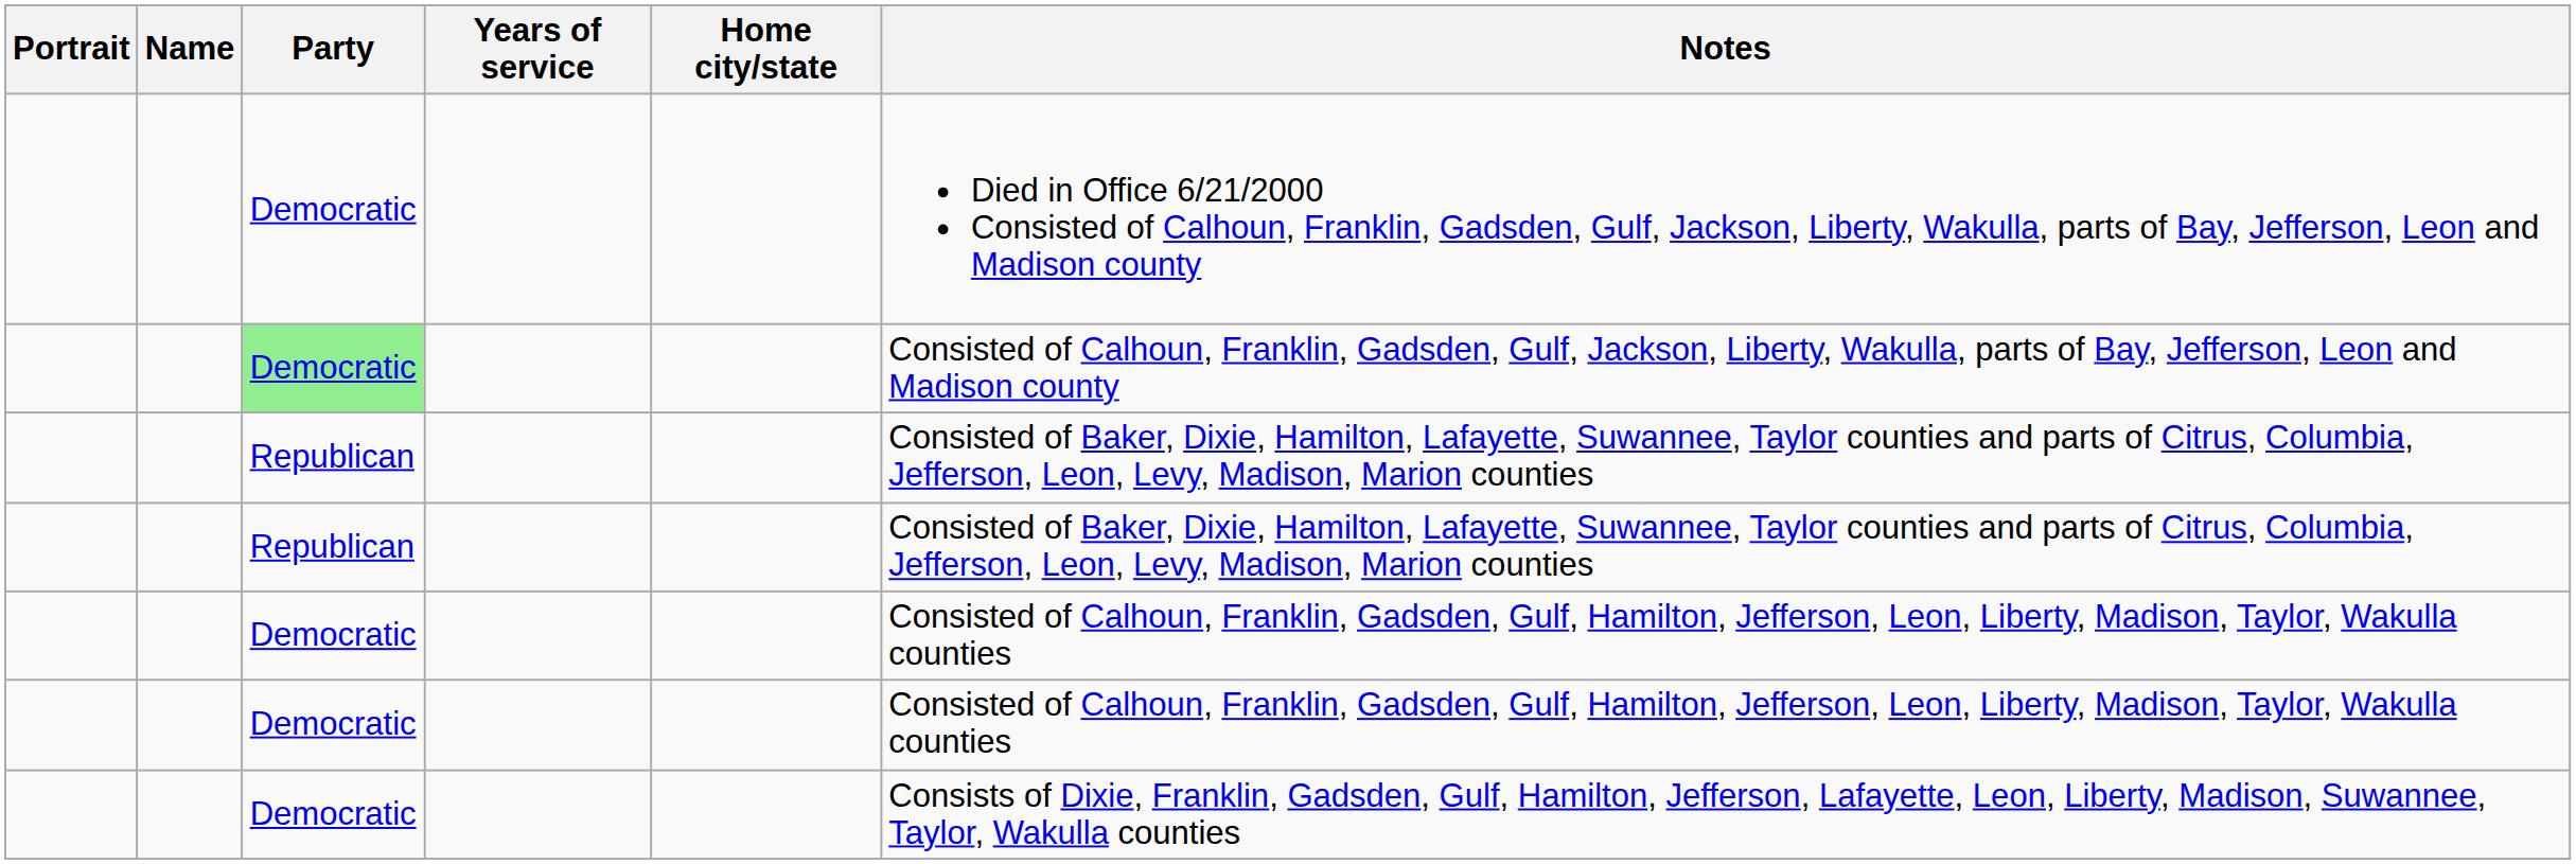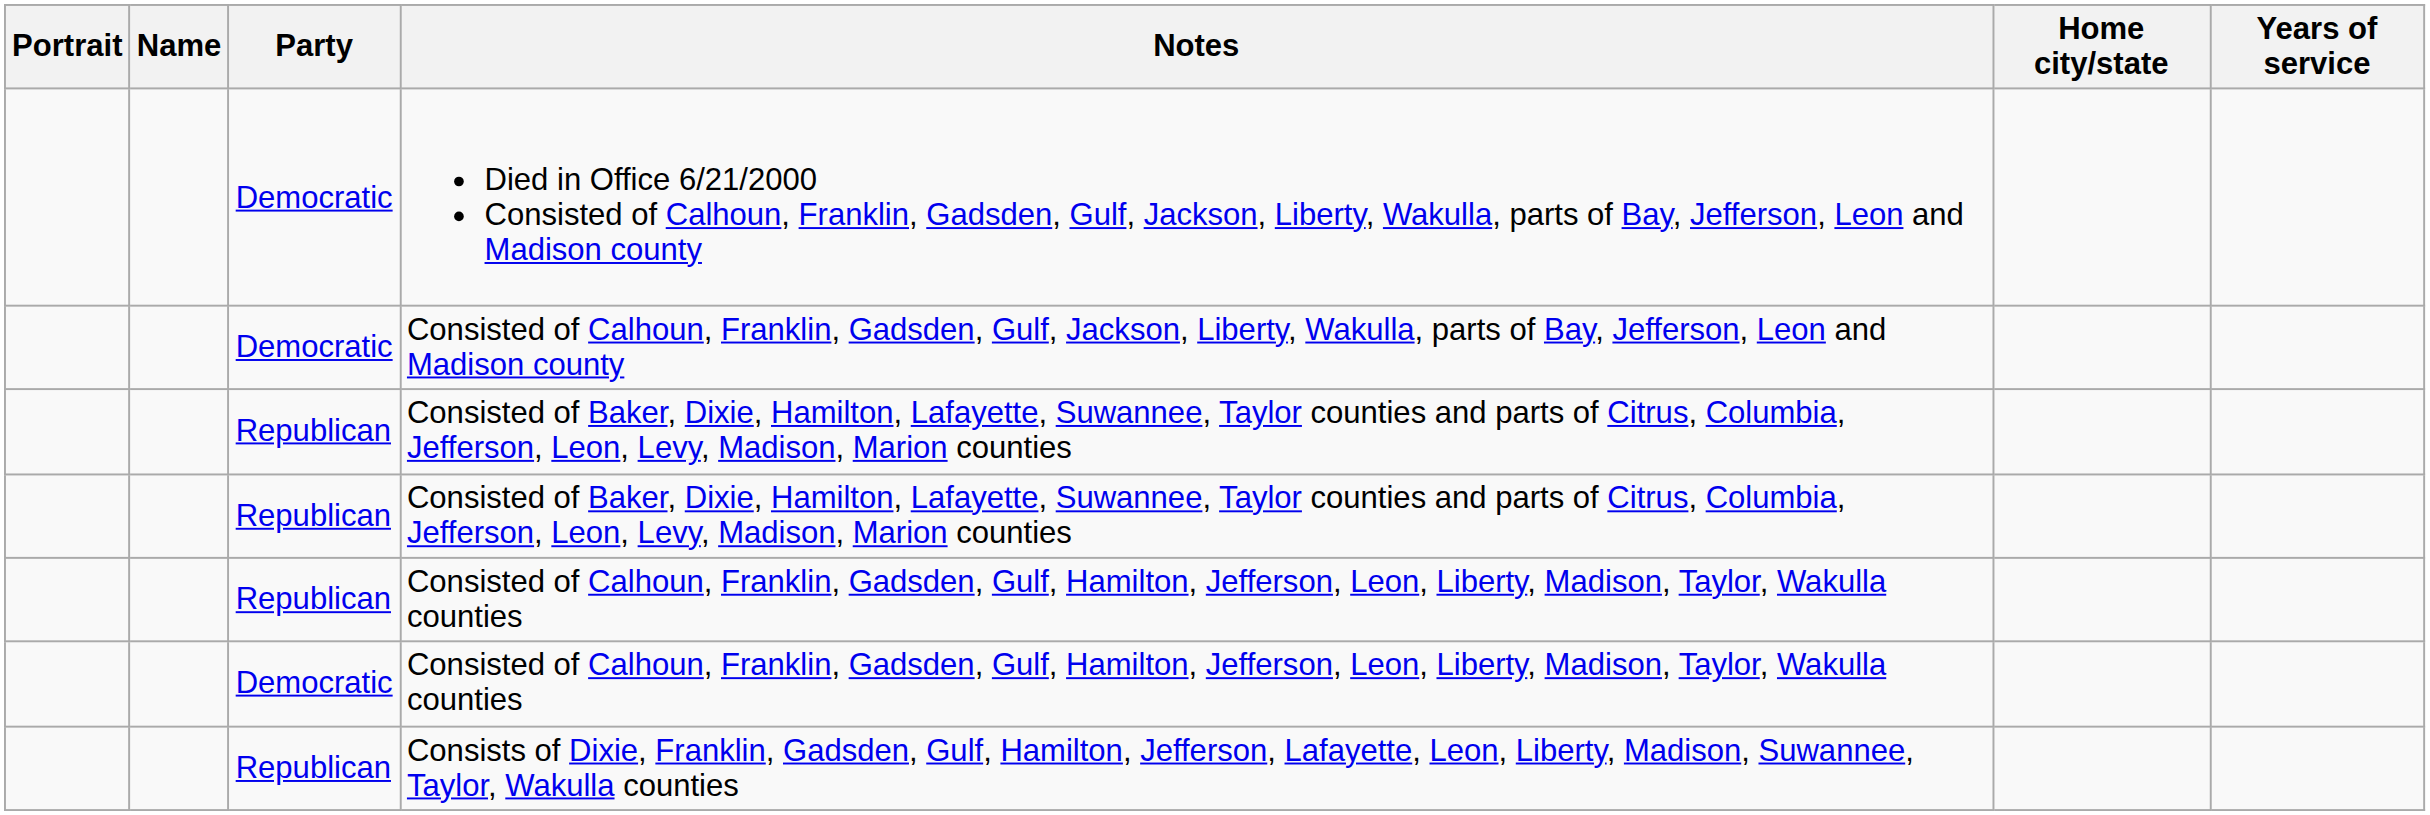 <table class="wikitable sortable">
 <tr>
 <th>Portrait</th>
 <th>Name</th>
 <th>Party</th>
+<th>Notes</th>
+<th>Home city/state</th>
 <th>Years of service</th>
-<th>Home city/state</th>
-<th>Notes</th>
 </tr>
 <tr>
 <td></td>
 <td></td>
 <td><a href='#'>Democratic</a></td>
+<td><br><ul><li>Died in Office 6/21/2000</li><li>Consisted of <a href='#'>Calhoun</a>, <a href='#'>Franklin</a>, <a href='#'>Gadsden</a>, <a href='#'>Gulf</a>, <a href='#'>Jackson</a>, <a href='#'>Liberty</a>, <a href='#'>Wakulla</a>, parts of <a href='#'>Bay</a>, <a href='#'>Jefferson</a>, <a href='#'>Leon</a> and <a href='#'>Madison county</a></li></ul></td>
 <td></td>
 <td></td>
-<td><br><ul><li>Died in Office 6/21/2000</li><li>Consisted of <a href='#'>Calhoun</a>, <a href='#'>Franklin</a>, <a href='#'>Gadsden</a>, <a href='#'>Gulf</a>, <a href='#'>Jackson</a>, <a href='#'>Liberty</a>, <a href='#'>Wakulla</a>, parts of <a href='#'>Bay</a>, <a href='#'>Jefferson</a>, <a href='#'>Leon</a> and <a href='#'>Madison county</a></li></ul></td>
 </tr>
 <tr>
 <td></td>
 <td></td>
-<td style="background: lightgreen;"><a href='#'>Democratic</a></td>
+<td><a href='#'>Democratic</a></td>
+<td>Consisted of <a href='#'>Calhoun</a>, <a href='#'>Franklin</a>, <a href='#'>Gadsden</a>, <a href='#'>Gulf</a>, <a href='#'>Jackson</a>, <a href='#'>Liberty</a>, <a href='#'>Wakulla</a>, parts of <a href='#'>Bay</a>, <a href='#'>Jefferson</a>, <a href='#'>Leon</a> and <a href='#'>Madison county</a></td>
 <td></td>
 <td></td>
-<td>Consisted of <a href='#'>Calhoun</a>, <a href='#'>Franklin</a>, <a href='#'>Gadsden</a>, <a href='#'>Gulf</a>, <a href='#'>Jackson</a>, <a href='#'>Liberty</a>, <a href='#'>Wakulla</a>, parts of <a href='#'>Bay</a>, <a href='#'>Jefferson</a>, <a href='#'>Leon</a> and <a href='#'>Madison county</a></td>
 </tr>
 <tr>
 <td></td>
 <td></td>
 <td><a href='#'>Republican</a></td>
+<td>Consisted of <a href='#'>Baker</a>, <a href='#'>Dixie</a>, <a href='#'>Hamilton</a>, <a href='#'>Lafayette</a>, <a href='#'>Suwannee</a>, <a href='#'>Taylor</a> counties and parts of <a href='#'>Citrus</a>, <a href='#'>Columbia</a>, <a href='#'>Jefferson</a>, <a href='#'>Leon</a>, <a href='#'>Levy</a>, <a href='#'>Madison</a>, <a href='#'>Marion</a> counties</td>
 <td></td>
 <td></td>
-<td>Consisted of <a href='#'>Baker</a>, <a href='#'>Dixie</a>, <a href='#'>Hamilton</a>, <a href='#'>Lafayette</a>, <a href='#'>Suwannee</a>, <a href='#'>Taylor</a> counties and parts of <a href='#'>Citrus</a>, <a href='#'>Columbia</a>, <a href='#'>Jefferson</a>, <a href='#'>Leon</a>, <a href='#'>Levy</a>, <a href='#'>Madison</a>, <a href='#'>Marion</a> counties</td>
 </tr>
 <tr>
 <td></td>
 <td></td>
 <td><a href='#'>Republican</a></td>
+<td>Consisted of <a href='#'>Baker</a>, <a href='#'>Dixie</a>, <a href='#'>Hamilton</a>, <a href='#'>Lafayette</a>, <a href='#'>Suwannee</a>, <a href='#'>Taylor</a> counties and parts of <a href='#'>Citrus</a>, <a href='#'>Columbia</a>, <a href='#'>Jefferson</a>, <a href='#'>Leon</a>, <a href='#'>Levy</a>, <a href='#'>Madison</a>, <a href='#'>Marion</a> counties</td>
 <td></td>
 <td></td>
-<td>Consisted of <a href='#'>Baker</a>, <a href='#'>Dixie</a>, <a href='#'>Hamilton</a>, <a href='#'>Lafayette</a>, <a href='#'>Suwannee</a>, <a href='#'>Taylor</a> counties and parts of <a href='#'>Citrus</a>, <a href='#'>Columbia</a>, <a href='#'>Jefferson</a>, <a href='#'>Leon</a>, <a href='#'>Levy</a>, <a href='#'>Madison</a>, <a href='#'>Marion</a> counties</td>
+</tr>
+<tr>
+<td></td>
+<td></td>
+<td><a href='#'>Republican</a></td>
+<td>Consisted of <a href='#'>Calhoun</a>, <a href='#'>Franklin</a>, <a href='#'>Gadsden</a>, <a href='#'>Gulf</a>, <a href='#'>Hamilton</a>, <a href='#'>Jefferson</a>, <a href='#'>Leon</a>, <a href='#'>Liberty</a>, <a href='#'>Madison</a>, <a href='#'>Taylor</a>, <a href='#'>Wakulla</a> counties</td>
+<td></td>
+<td></td>
 </tr>
 <tr>
 <td></td>
 <td></td>
 <td><a href='#'>Democratic</a></td>
+<td>Consisted of <a href='#'>Calhoun</a>, <a href='#'>Franklin</a>, <a href='#'>Gadsden</a>, <a href='#'>Gulf</a>, <a href='#'>Hamilton</a>, <a href='#'>Jefferson</a>, <a href='#'>Leon</a>, <a href='#'>Liberty</a>, <a href='#'>Madison</a>, <a href='#'>Taylor</a>, <a href='#'>Wakulla</a> counties</td>
 <td></td>
 <td></td>
-<td>Consisted of <a href='#'>Calhoun</a>, <a href='#'>Franklin</a>, <a href='#'>Gadsden</a>, <a href='#'>Gulf</a>, <a href='#'>Hamilton</a>, <a href='#'>Jefferson</a>, <a href='#'>Leon</a>, <a href='#'>Liberty</a>, <a href='#'>Madison</a>, <a href='#'>Taylor</a>, <a href='#'>Wakulla</a> counties</td>
 </tr>
 <tr>
 <td></td>
 <td></td>
-<td><a href='#'>Democratic</a></td>
+<td><a href='#'>Republican</a></td>
+<td>Consists of <a href='#'>Dixie</a>, <a href='#'>Franklin</a>, <a href='#'>Gadsden</a>, <a href='#'>Gulf</a>, <a href='#'>Hamilton</a>, <a href='#'>Jefferson</a>, <a href='#'>Lafayette</a>, <a href='#'>Leon</a>, <a href='#'>Liberty</a>, <a href='#'>Madison</a>, <a href='#'>Suwannee</a>, <a href='#'>Taylor</a>, <a href='#'>Wakulla</a> counties</td>
 <td></td>
 <td></td>
-<td>Consisted of <a href='#'>Calhoun</a>, <a href='#'>Franklin</a>, <a href='#'>Gadsden</a>, <a href='#'>Gulf</a>, <a href='#'>Hamilton</a>, <a href='#'>Jefferson</a>, <a href='#'>Leon</a>, <a href='#'>Liberty</a>, <a href='#'>Madison</a>, <a href='#'>Taylor</a>, <a href='#'>Wakulla</a> counties</td>
-</tr>
-<tr>
-<td></td>
-<td></td>
-<td><a href='#'>Democratic</a></td>
-<td></td>
-<td></td>
-<td>Consists of <a href='#'>Dixie</a>, <a href='#'>Franklin</a>, <a href='#'>Gadsden</a>, <a href='#'>Gulf</a>, <a href='#'>Hamilton</a>, <a href='#'>Jefferson</a>, <a href='#'>Lafayette</a>, <a href='#'>Leon</a>, <a href='#'>Liberty</a>, <a href='#'>Madison</a>, <a href='#'>Suwannee</a>, <a href='#'>Taylor</a>, <a href='#'>Wakulla</a> counties</td>
 </tr>
 </table>
